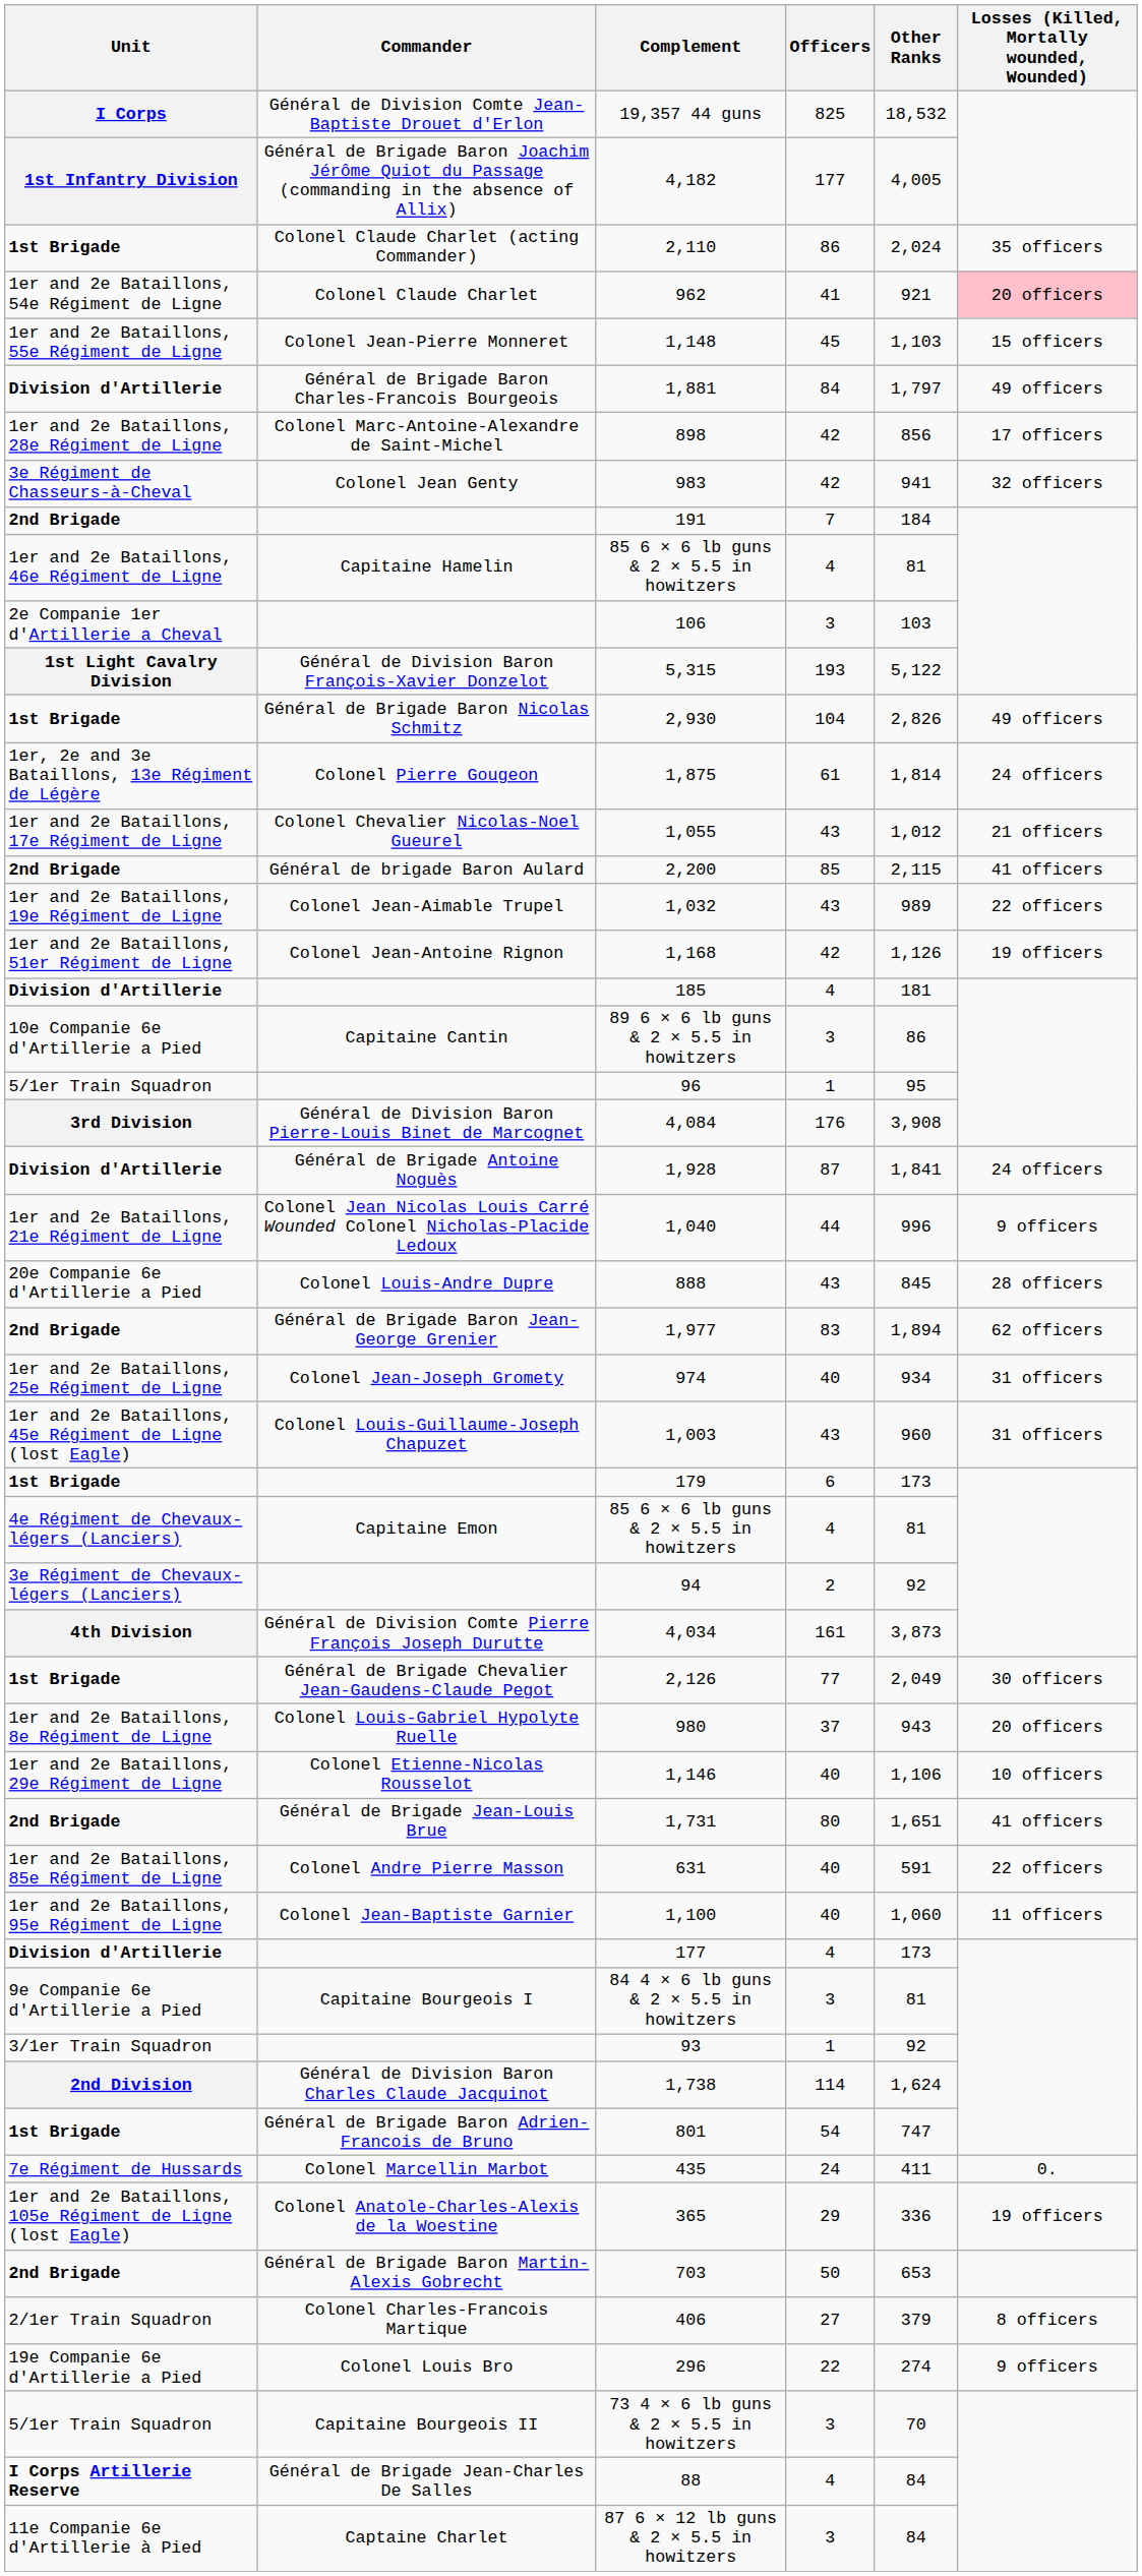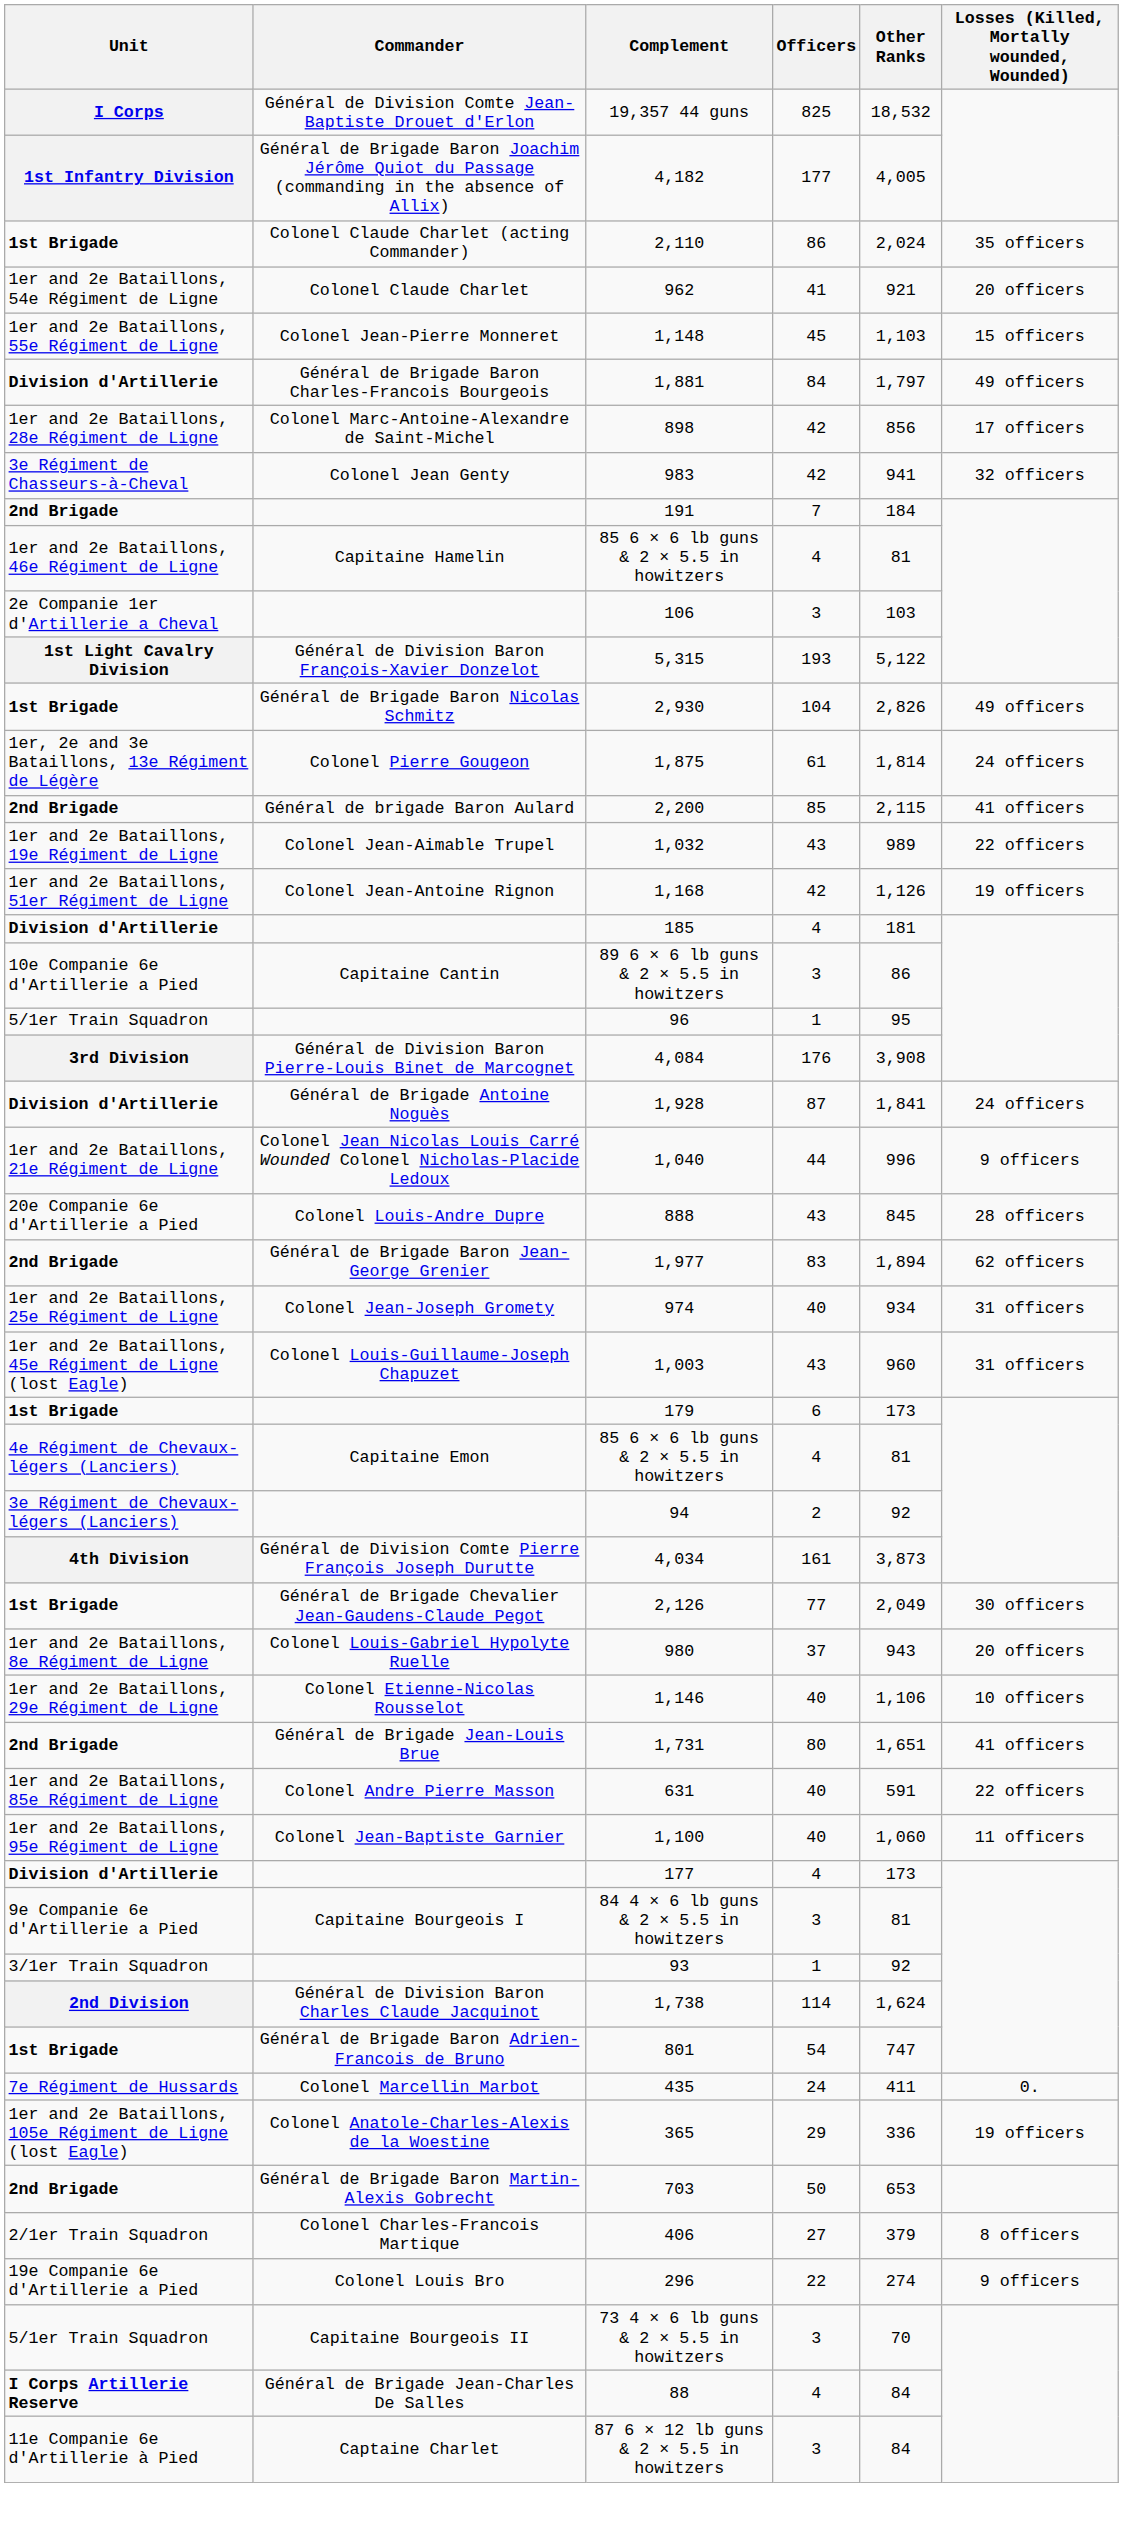 <table class="wikitable">
 <tr>
 <th>Unit</th>
 <th>Commander</th>
 <th>Complement</th>
 <th>Officers</th>
 <th>Other Ranks</th>
 <th>Losses (Killed, Mortally wounded, Wounded)</th>
 </tr>
 <tr>
 <th colspan="1" bgcolor="#f9f9f9;"><a href='#'>I Corps</a></th>
 <td align="center">Général de Division Comte <a href='#'>Jean-Baptiste Drouet d'Erlon</a></td>
 <td align="center">19,357 44 guns</td>
 <td align="center">825</td>
 <td align="center">18,532</td>
 </tr>
 <tr>
 <th colspan="1" bgcolor="#f9f9f9;"><a href='#'>1st Infantry Division</a></th>
 <td align="center">Général de Brigade Baron <a href='#'>Joachim Jérôme Quiot du Passage</a> (commanding in the absence of <a href='#'>Allix</a>)</td>
 <td align="center">4,182</td>
 <td align="center">177</td>
 <td align="center">4,005</td>
 </tr>
 <tr>
 <td><strong>1st Brigade</strong></td>
 <td align="center">Colonel Claude Charlet (acting Commander)</td>
 <td align="center">2,110</td>
 <td align="center">86</td>
 <td align="center">2,024</td>
 <td align="center">35 officers</td>
 </tr>
 <tr>
 <td>1er and 2e Bataillons, 54e Régiment de Ligne</td>
 <td align="center">Colonel Claude Charlet</td>
 <td align="center">962</td>
 <td align="center">41</td>
 <td align="center">921</td>
-<td align="center" style="background: pink;">20 officers</td>
+<td align="center">20 officers</td>
 </tr>
 <tr>
 <td>1er and 2e Bataillons, <a href='#'>55e Régiment de Ligne</a></td>
 <td align="center">Colonel Jean-Pierre Monneret</td>
 <td align="center">1,148</td>
 <td align="center">45</td>
 <td align="center">1,103</td>
 <td align="center">15 officers</td>
 </tr>
 <tr>
 <td><strong>Division d'Artillerie</strong></td>
 <td align="center">Général de Brigade Baron Charles-Francois Bourgeois</td>
 <td align="center">1,881</td>
 <td align="center">84</td>
 <td align="center">1,797</td>
 <td align="center">49 officers</td>
 </tr>
 <tr>
 <td>1er and 2e Bataillons, <a href='#'>28e Régiment de Ligne</a></td>
 <td align="center">Colonel Marc-Antoine-Alexandre de Saint-Michel</td>
 <td align="center">898</td>
 <td align="center">42</td>
 <td align="center">856</td>
 <td align="center">17 officers</td>
 </tr>
 <tr>
 <td><a href='#'>3e Régiment de Chasseurs-à-Cheval</a></td>
 <td align="center">Colonel Jean Genty</td>
 <td align="center">983</td>
 <td align="center">42</td>
 <td align="center">941</td>
 <td align="center">32 officers</td>
 </tr>
 <tr>
 <td><strong>2nd Brigade</strong></td>
 <td align="center"></td>
 <td align="center">191</td>
 <td align="center">7</td>
 <td align="center">184</td>
 </tr>
 <tr>
 <td>1er and 2e Bataillons, <a href='#'>46e Régiment de Ligne</a></td>
 <td align="center">Capitaine Hamelin</td>
 <td align="center">85 6 × 6 lb guns & 2 × 5.5 in howitzers</td>
 <td align="center">4</td>
 <td align="center">81</td>
 </tr>
 <tr>
 <td>2e Companie 1er d'<a href='#'>Artillerie a Cheval</a></td>
 <td align="center"></td>
 <td align="center">106</td>
 <td align="center">3</td>
 <td align="center">103</td>
 </tr>
 <tr>
 <th colspan="1" bgcolor="#f9f9f9;">1st Light Cavalry Division</th>
 <td align="center">Général de Division Baron <a href='#'>François-Xavier Donzelot</a></td>
 <td align="center">5,315</td>
 <td align="center">193</td>
 <td align="center">5,122</td>
 </tr>
 <tr>
 <td><strong>1st Brigade</strong></td>
 <td align="center">Général de Brigade Baron <a href='#'>Nicolas Schmitz</a></td>
 <td align="center">2,930</td>
 <td align="center">104</td>
 <td align="center">2,826</td>
 <td align="center">49 officers</td>
 </tr>
 <tr>
 <td>1er, 2e and 3e Bataillons, <a href='#'>13e Régiment de Légère</a></td>
 <td align="center">Colonel <a href='#'>Pierre Gougeon</a></td>
 <td align="center">1,875</td>
 <td align="center">61</td>
 <td align="center">1,814</td>
 <td align="center">24 officers</td>
-</tr>
-<tr>
-<td>1er and 2e Bataillons, <a href='#'>17e Régiment de Ligne</a></td>
-<td align="center">Colonel Chevalier <a href='#'>Nicolas-Noel Gueurel</a></td>
-<td align="center">1,055</td>
-<td align="center">43</td>
-<td align="center">1,012</td>
-<td align="center">21 officers</td>
 </tr>
 <tr>
 <td><strong>2nd Brigade</strong></td>
 <td align="center">Général de brigade Baron Aulard</td>
 <td align="center">2,200</td>
 <td align="center">85</td>
 <td align="center">2,115</td>
 <td align="center">41 officers</td>
 </tr>
 <tr>
 <td>1er and 2e Bataillons, <a href='#'>19e Régiment de Ligne</a></td>
 <td align="center">Colonel Jean-Aimable Trupel</td>
 <td align="center">1,032</td>
 <td align="center">43</td>
 <td align="center">989</td>
 <td align="center">22 officers</td>
 </tr>
 <tr>
 <td>1er and 2e Bataillons, <a href='#'>51er Régiment de Ligne</a></td>
 <td align="center">Colonel Jean-Antoine Rignon</td>
 <td align="center">1,168</td>
 <td align="center">42</td>
 <td align="center">1,126</td>
 <td align="center">19 officers</td>
 </tr>
 <tr>
 <td><strong>Division d'Artillerie</strong></td>
 <td align="center"></td>
 <td align="center">185</td>
 <td align="center">4</td>
 <td align="center">181</td>
 </tr>
 <tr>
 <td>10e Companie 6e d'Artillerie a Pied</td>
 <td align="center">Capitaine Cantin</td>
 <td align="center">89 6 × 6 lb guns & 2 × 5.5 in howitzers</td>
 <td align="center">3</td>
 <td align="center">86</td>
 </tr>
 <tr>
 <td>5/1er Train Squadron</td>
 <td align="center"></td>
 <td align="center">96</td>
 <td align="center">1</td>
 <td align="center">95</td>
 </tr>
 <tr>
 <th colspan="1" bgcolor="#f9f9f9;">3rd Division</th>
 <td align="center">Général de Division Baron <a href='#'>Pierre-Louis Binet de Marcognet</a></td>
 <td align="center">4,084</td>
 <td align="center">176</td>
 <td align="center">3,908</td>
 </tr>
 <tr>
 <td><strong>Division d'Artillerie</strong></td>
 <td align="center">Général de Brigade <a href='#'>Antoine Noguès</a></td>
 <td align="center">1,928</td>
 <td align="center">87</td>
 <td align="center">1,841</td>
 <td align="center">24 officers</td>
 </tr>
 <tr>
 <td>1er and 2e Bataillons, <a href='#'>21e Régiment de Ligne</a></td>
 <td align="center">Colonel <a href='#'>Jean Nicolas Louis Carré</a> <em>Wounded</em> Colonel <a href='#'>Nicholas-Placide Ledoux</a></td>
 <td align="center">1,040</td>
 <td align="center">44</td>
 <td align="center">996</td>
 <td align="center">9 officers</td>
 </tr>
 <tr>
 <td>20e Companie 6e d'Artillerie a Pied</td>
 <td align="center">Colonel <a href='#'>Louis-Andre Dupre</a></td>
 <td align="center">888</td>
 <td align="center">43</td>
 <td align="center">845</td>
 <td align="center">28 officers</td>
 </tr>
 <tr>
 <td><strong>2nd Brigade</strong></td>
 <td align="center">Général de Brigade Baron <a href='#'>Jean-George Grenier</a></td>
 <td align="center">1,977</td>
 <td align="center">83</td>
 <td align="center">1,894</td>
 <td align="center">62 officers</td>
 </tr>
 <tr>
 <td>1er and 2e Bataillons, <a href='#'>25e Régiment de Ligne</a></td>
 <td align="center">Colonel <a href='#'>Jean-Joseph Gromety</a></td>
 <td align="center">974</td>
 <td align="center">40</td>
 <td align="center">934</td>
 <td align="center">31 officers</td>
 </tr>
 <tr>
 <td>1er and 2e Bataillons, <a href='#'>45e Régiment de Ligne</a> (lost <a href='#'>Eagle</a>)</td>
 <td align="center">Colonel <a href='#'>Louis-Guillaume-Joseph Chapuzet</a></td>
 <td align="center">1,003</td>
 <td align="center">43</td>
 <td align="center">960</td>
 <td align="center">31 officers</td>
 </tr>
 <tr>
 <td><strong>1st Brigade</strong></td>
 <td align="center"></td>
 <td align="center">179</td>
 <td align="center">6</td>
 <td align="center">173</td>
 </tr>
 <tr>
 <td><a href='#'>4e Régiment de Chevaux-légers (Lanciers)</a></td>
 <td align="center">Capitaine Emon</td>
 <td align="center">85 6 × 6 lb guns & 2 × 5.5 in howitzers</td>
 <td align="center">4</td>
 <td align="center">81</td>
 </tr>
 <tr>
 <td><a href='#'>3e Régiment de Chevaux-légers (Lanciers)</a></td>
 <td align="center"></td>
 <td align="center">94</td>
 <td align="center">2</td>
 <td align="center">92</td>
 </tr>
 <tr>
 <th colspan="1" bgcolor="#f9f9f9;">4th Division</th>
 <td align="center">Général de Division Comte <a href='#'>Pierre François Joseph Durutte</a></td>
 <td align="center">4,034</td>
 <td align="center">161</td>
 <td align="center">3,873</td>
 </tr>
 <tr>
 <td><strong>1st Brigade</strong></td>
 <td align="center">Général de Brigade Chevalier <a href='#'>Jean-Gaudens-Claude Pegot</a></td>
 <td align="center">2,126</td>
 <td align="center">77</td>
 <td align="center">2,049</td>
 <td align="center">30 officers</td>
 </tr>
 <tr>
 <td>1er and 2e Bataillons, <a href='#'>8e Régiment de Ligne</a></td>
 <td align="center">Colonel <a href='#'>Louis-Gabriel Hypolyte Ruelle</a></td>
 <td align="center">980</td>
 <td align="center">37</td>
 <td align="center">943</td>
 <td align="center">20 officers</td>
 </tr>
 <tr>
 <td>1er and 2e Bataillons, <a href='#'>29e Régiment de Ligne</a></td>
 <td align="center">Colonel <a href='#'>Etienne-Nicolas Rousselot</a></td>
 <td align="center">1,146</td>
 <td align="center">40</td>
 <td align="center">1,106</td>
 <td align="center">10 officers</td>
 </tr>
 <tr>
 <td><strong>2nd Brigade</strong></td>
 <td align="center">Général de Brigade <a href='#'>Jean-Louis Brue</a></td>
 <td align="center">1,731</td>
 <td align="center">80</td>
 <td align="center">1,651</td>
 <td align="center">41 officers</td>
 </tr>
 <tr>
 <td>1er and 2e Bataillons, <a href='#'>85e Régiment de Ligne</a></td>
 <td align="center">Colonel <a href='#'>Andre Pierre Masson</a></td>
 <td align="center">631</td>
 <td align="center">40</td>
 <td align="center">591</td>
 <td align="center">22 officers</td>
 </tr>
 <tr>
 <td>1er and 2e Bataillons, <a href='#'>95e Régiment de Ligne</a></td>
 <td align="center">Colonel <a href='#'>Jean-Baptiste Garnier</a></td>
 <td align="center">1,100</td>
 <td align="center">40</td>
 <td align="center">1,060</td>
 <td align="center">11 officers</td>
 </tr>
 <tr>
 <td><strong>Division d'Artillerie</strong></td>
 <td align="center"></td>
 <td align="center">177</td>
 <td align="center">4</td>
 <td align="center">173</td>
 </tr>
 <tr>
 <td>9e Companie 6e d'Artillerie a Pied</td>
 <td align="center">Capitaine Bourgeois I</td>
 <td align="center">84 4 × 6 lb guns & 2 × 5.5 in howitzers</td>
 <td align="center">3</td>
 <td align="center">81</td>
 </tr>
 <tr>
 <td>3/1er Train Squadron</td>
 <td align="center"></td>
 <td align="center">93</td>
 <td align="center">1</td>
 <td align="center">92</td>
 </tr>
 <tr>
 <th colspan="1" bgcolor="#f9f9f9;"><a href='#'>2nd Division</a></th>
 <td align="center">Général de Division Baron <a href='#'>Charles Claude Jacquinot</a></td>
 <td align="center">1,738</td>
 <td align="center">114</td>
 <td align="center">1,624</td>
 </tr>
 <tr>
 <td><strong>1st Brigade</strong></td>
 <td align="center">Général de Brigade Baron <a href='#'>Adrien-Francois de Bruno</a></td>
 <td align="center">801</td>
 <td align="center">54</td>
 <td align="center">747</td>
 </tr>
 <tr>
 <td><a href='#'>7e Régiment de Hussards</a></td>
 <td align="center">Colonel <a href='#'>Marcellin Marbot</a></td>
 <td align="center">435</td>
 <td align="center">24</td>
 <td align="center">411</td>
 <td align="center">0.</td>
 </tr>
 <tr>
 <td>1er and 2e Bataillons, <a href='#'>105e Régiment de Ligne</a> (lost <a href='#'>Eagle</a>)</td>
 <td align="center">Colonel <a href='#'>Anatole-Charles-Alexis de la Woestine</a></td>
 <td align="center">365</td>
 <td align="center">29</td>
 <td align="center">336</td>
 <td align="center">19 officers</td>
 </tr>
 <tr>
 <td><strong>2nd Brigade</strong></td>
 <td align="center">Général de Brigade Baron <a href='#'>Martin-Alexis Gobrecht</a></td>
 <td align="center">703</td>
 <td align="center">50</td>
 <td align="center">653</td>
 </tr>
 <tr>
 <td>2/1er Train Squadron</td>
 <td align="center">Colonel Charles-Francois Martique</td>
 <td align="center">406</td>
 <td align="center">27</td>
 <td align="center">379</td>
 <td align="center">8 officers</td>
 </tr>
 <tr>
 <td>19e Companie 6e d'Artillerie a Pied</td>
 <td align="center">Colonel Louis Bro</td>
 <td align="center">296</td>
 <td align="center">22</td>
 <td align="center">274</td>
 <td align="center">9 officers</td>
 </tr>
 <tr>
 <td>5/1er Train Squadron</td>
 <td align="center">Capitaine Bourgeois II</td>
 <td align="center">73 4 × 6 lb guns & 2 × 5.5 in howitzers</td>
 <td align="center">3</td>
 <td align="center">70</td>
 </tr>
 <tr>
 <td><strong>I Corps <a href='#'>Artillerie</a> Reserve</strong></td>
 <td align="center">Général de Brigade Jean-Charles De Salles</td>
 <td align="center">88</td>
 <td align="center">4</td>
 <td align="center">84</td>
 </tr>
 <tr>
 <td>11e Companie 6e d'Artillerie à Pied</td>
 <td align="center">Captaine Charlet</td>
 <td align="center">87 6 × 12 lb guns & 2 × 5.5 in howitzers</td>
 <td align="center">3</td>
 <td align="center">84</td>
 </tr>
 </table>
